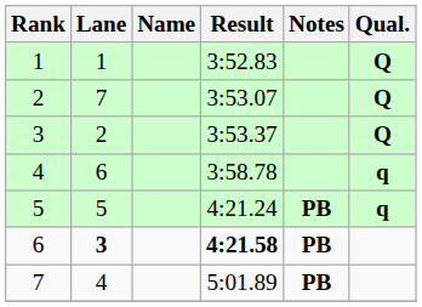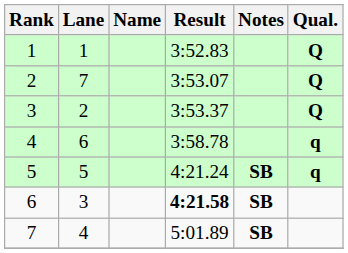 <table class="wikitable" style="text-align:center">
 <tr>
 <th>Rank</th>
 <th>Lane</th>
 <th>Name</th>
 <th>Result</th>
 <th>Notes</th>
 <th>Qual.</th>
 </tr>
 <tr bgcolor=ccffcc>
 <td>1</td>
 <td>1</td>
 <td align="left"></td>
 <td>3:52.83</td>
 <td></td>
 <td><strong>Q</strong></td>
 </tr>
 <tr bgcolor=ccffcc>
 <td>2</td>
 <td>7</td>
 <td align="left"></td>
 <td>3:53.07</td>
 <td></td>
 <td><strong>Q</strong></td>
 </tr>
 <tr bgcolor=ccffcc>
 <td>3</td>
 <td>2</td>
 <td align="left"></td>
 <td>3:53.37</td>
 <td></td>
 <td><strong>Q</strong></td>
 </tr>
 <tr bgcolor=ccffcc>
 <td>4</td>
 <td>6</td>
 <td align="left"></td>
 <td>3:58.78</td>
 <td></td>
 <td><strong>q</strong></td>
 </tr>
 <tr bgcolor=ccffcc>
 <td>5</td>
 <td>5</td>
 <td align="left"></td>
 <td>4:21.24</td>
-<td><strong>PB</strong></td>
+<td><strong>SB</strong></td>
 <td><strong>q</strong></td>
 </tr>
 <tr>
 <td>6</td>
-<td><strong>3</strong></td>
+<td>3</td>
 <td align="left"></td>
 <td><strong>4:21.58</strong></td>
-<td><strong>PB</strong></td>
+<td><strong>SB</strong></td>
 <td></td>
 </tr>
 <tr>
 <td>7</td>
 <td>4</td>
 <td align="left"></td>
 <td>5:01.89</td>
-<td><strong>PB</strong></td>
+<td><strong>SB</strong></td>
 <td></td>
 </tr>
 <tr class="sortbottom">
 </tr>
 </table>
